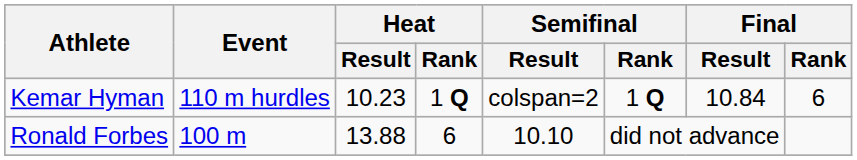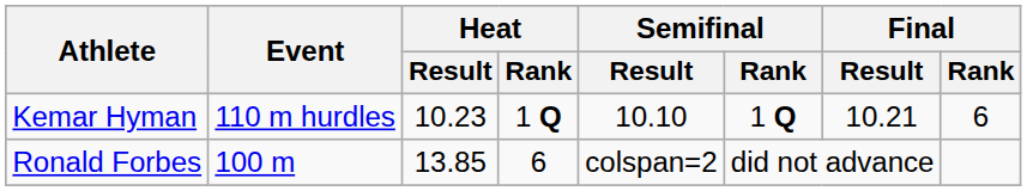 <table class="wikitable" style="font-size:90%">
 <tr>
 <th rowspan=2>Athlete</th>
 <th rowspan=2>Event</th>
 <th colspan=2>Heat</th>
 <th colspan=2>Semifinal</th>
 <th colspan=2>Final</th>
 </tr>
 <tr style="font-size:95%">
 <th>Result</th>
 <th>Rank</th>
 <th>Result</th>
 <th>Rank</th>
 <th>Result</th>
 <th>Rank</th>
 </tr>
 <tr align=center>
 <td align=left><a href='#'>Kemar Hyman</a></td>
 <td align=left><a href='#'>110 m hurdles</a></td>
 <td>10.23</td>
 <td>1 <strong>Q</strong></td>
-<td>colspan=2 </td>
+<td>10.10</td>
 <td>1 <strong>Q</strong></td>
-<td>10.84</td>
+<td>10.21</td>
 <td>6</td>
 </tr>
 <tr align=center>
 <td align=left><a href='#'>Ronald Forbes</a></td>
 <td align=left><a href='#'>100 m</a></td>
-<td>13.88</td>
+<td>13.85</td>
 <td>6</td>
-<td>10.10</td>
+<td>colspan=2 </td>
 <td colspan=2>did not advance</td>
 </tr>
 </table>
